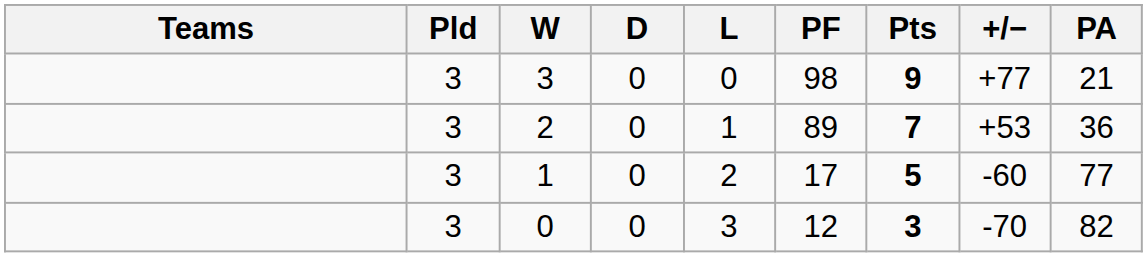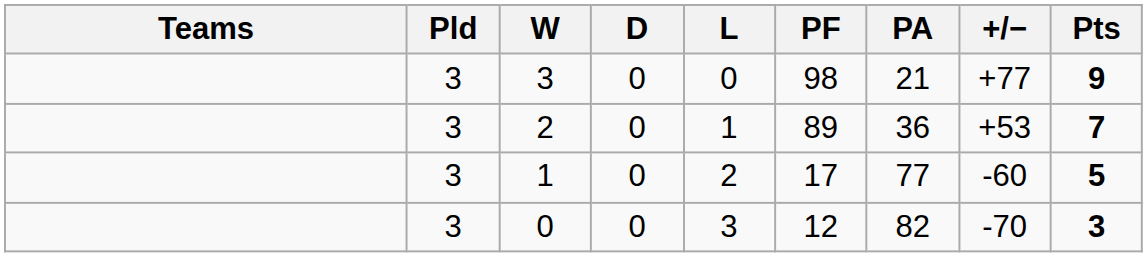 <table class="wikitable" style="text-align: center;">
 <tr>
 <th width="200">Teams</th>
 <th width="40">Pld</th>
 <th width="40">W</th>
 <th width="40">D</th>
 <th width="40">L</th>
 <th width="40">PF</th>
+<th width="40">PA</th>
+<th width="40">+/−</th>
 <th width="40">Pts</th>
-<th width="40">+/−</th>
-<th width="40">PA</th>
 </tr>
 <tr>
 <td align=left></td>
 <td>3</td>
 <td>3</td>
 <td>0</td>
 <td>0</td>
 <td>98</td>
+<td>21</td>
+<td>+77</td>
 <td><strong>9</strong></td>
-<td>+77</td>
-<td>21</td>
 </tr>
 <tr>
 <td align=left></td>
 <td>3</td>
 <td>2</td>
 <td>0</td>
 <td>1</td>
 <td>89</td>
+<td>36</td>
+<td>+53</td>
 <td><strong>7</strong></td>
-<td>+53</td>
-<td>36</td>
 </tr>
 <tr>
 <td align=left></td>
 <td>3</td>
 <td>1</td>
 <td>0</td>
 <td>2</td>
 <td>17</td>
+<td>77</td>
+<td>-60</td>
 <td><strong>5</strong></td>
-<td>-60</td>
-<td>77</td>
 </tr>
 <tr>
 <td align=left></td>
 <td>3</td>
 <td>0</td>
 <td>0</td>
 <td>3</td>
 <td>12</td>
+<td>82</td>
+<td>-70</td>
 <td><strong>3</strong></td>
-<td>-70</td>
-<td>82</td>
 </tr>
 </table>
